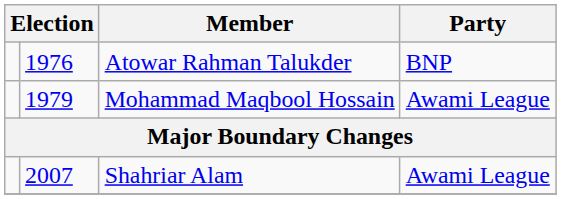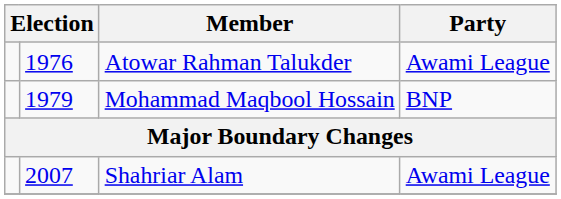 <table class="wikitable">
 <tr>
 <th colspan="2">Election</th>
 <th>Member</th>
 <th>Party</th>
 </tr>
 <tr>
 <td style="background-color:"></td>
 <td><a href='#'>1976</a></td>
 <td><a href='#'>Atowar Rahman Talukder</a></td>
-<td><a href='#'>BNP</a></td>
+<td><a href='#'>Awami League</a></td>
 </tr>
 <tr>
 <td style="background-color:"></td>
 <td><a href='#'>1979</a></td>
 <td><a href='#'>Mohammad Maqbool Hossain</a></td>
-<td><a href='#'>Awami League</a></td>
+<td><a href='#'>BNP</a></td>
 </tr>
 <tr>
 <th colspan="4">Major Boundary Changes</th>
 </tr>
 <tr>
 <td style="background-color:"></td>
 <td><a href='#'>2007</a></td>
 <td><a href='#'>Shahriar Alam</a></td>
 <td><a href='#'>Awami League</a></td>
 </tr>
 <tr>
 </tr>
 </table>
